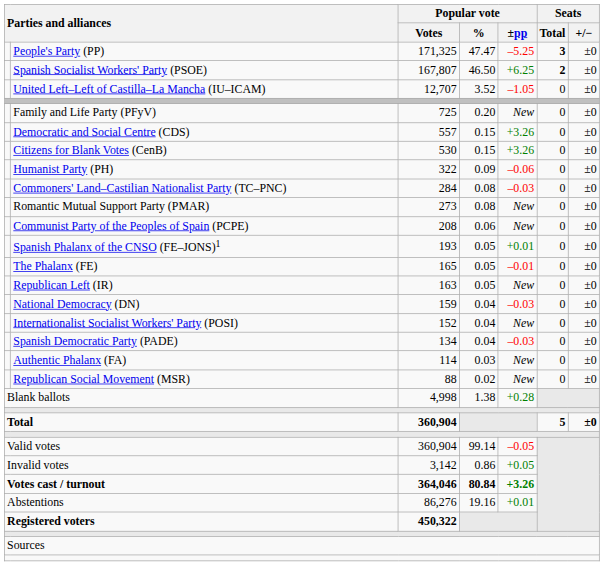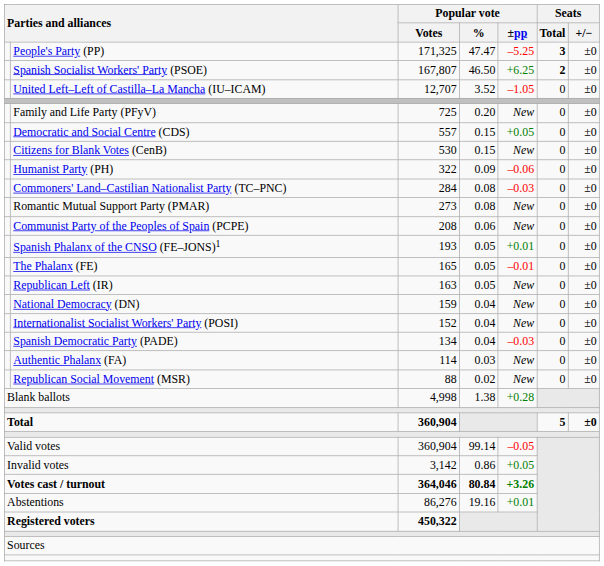 <table class="wikitable" style="text-align:right;">
 <tr>
 <th style="text-align:left;" rowspan="2" colspan="2" width="525">Parties and alliances</th>
 <th colspan="3">Popular vote</th>
 <th colspan="2">Seats</th>
 </tr>
 <tr>
 <th width="75">Votes</th>
 <th width="45">%</th>
 <th width="45">±<a href='#'>pp</a></th>
 <th width="35">Total</th>
 <th width="35">+/−</th>
 </tr>
 <tr>
 <td width="1" style="color:inherit;background:"></td>
 <td align="left"><a href='#'>People's Party</a> (PP)</td>
 <td>171,325</td>
 <td>47.47</td>
 <td style="color:red;">–5.25</td>
 <td><strong>3</strong></td>
 <td>±0</td>
 </tr>
 <tr>
 <td style="color:inherit;background:"></td>
 <td align="left"><a href='#'>Spanish Socialist Workers' Party</a> (PSOE)</td>
 <td>167,807</td>
 <td>46.50</td>
 <td style="color:green;">+6.25</td>
 <td><strong>2</strong></td>
 <td>±0</td>
 </tr>
 <tr>
 <td style="color:inherit;background:"></td>
 <td align="left"><a href='#'>United Left–Left of Castilla–La Mancha</a> (IU–ICAM)</td>
 <td>12,707</td>
 <td>3.52</td>
 <td style="color:red;">–1.05</td>
 <td>0</td>
 <td>±0</td>
 </tr>
 <tr>
 <td colspan="7" bgcolor="#C0C0C0"></td>
 </tr>
 <tr>
 <td style="color:inherit;background:"></td>
 <td align="left">Family and Life Party (PFyV)</td>
 <td>725</td>
 <td>0.20</td>
 <td><em>New</em></td>
 <td>0</td>
 <td>±0</td>
 </tr>
 <tr>
 <td style="color:inherit;background:"></td>
 <td align="left"><a href='#'>Democratic and Social Centre</a> (CDS)</td>
 <td>557</td>
 <td>0.15</td>
-<td style="color:green;">+3.26</td>
+<td style="color:green;">+0.05</td>
 <td>0</td>
 <td>±0</td>
 </tr>
 <tr>
 <td style="color:inherit;background:"></td>
 <td align="left"><a href='#'>Citizens for Blank Votes</a> (CenB)</td>
 <td>530</td>
 <td>0.15</td>
-<td style="color:green;">+3.26</td>
+<td><em>New</em></td>
 <td>0</td>
 <td>±0</td>
 </tr>
 <tr>
 <td style="color:inherit;background:"></td>
 <td align="left"><a href='#'>Humanist Party</a> (PH)</td>
 <td>322</td>
 <td>0.09</td>
 <td style="color:red;">–0.06</td>
 <td>0</td>
 <td>±0</td>
 </tr>
 <tr>
 <td style="color:inherit;background:"></td>
 <td align="left"><a href='#'>Commoners' Land–Castilian Nationalist Party</a> (TC–PNC)</td>
 <td>284</td>
 <td>0.08</td>
 <td style="color:red;">–0.03</td>
 <td>0</td>
 <td>±0</td>
 </tr>
 <tr>
 <td style="color:inherit;background:"></td>
 <td align="left">Romantic Mutual Support Party (PMAR)</td>
 <td>273</td>
 <td>0.08</td>
 <td><em>New</em></td>
 <td>0</td>
 <td>±0</td>
 </tr>
 <tr>
 <td style="color:inherit;background:"></td>
 <td align="left"><a href='#'>Communist Party of the Peoples of Spain</a> (PCPE)</td>
 <td>208</td>
 <td>0.06</td>
 <td><em>New</em></td>
 <td>0</td>
 <td>±0</td>
 </tr>
 <tr>
 <td style="color:inherit;background:"></td>
 <td align="left"><a href='#'>Spanish Phalanx of the CNSO</a> (FE–JONS)<sup>1</sup></td>
 <td>193</td>
 <td>0.05</td>
 <td style="color:green;">+0.01</td>
 <td>0</td>
 <td>±0</td>
 </tr>
 <tr>
 <td style="color:inherit;background:"></td>
 <td align="left"><a href='#'>The Phalanx</a> (FE)</td>
 <td>165</td>
 <td>0.05</td>
 <td style="color:red;">–0.01</td>
 <td>0</td>
 <td>±0</td>
 </tr>
 <tr>
 <td style="color:inherit;background:"></td>
 <td align="left"><a href='#'>Republican Left</a> (IR)</td>
 <td>163</td>
 <td>0.05</td>
 <td><em>New</em></td>
 <td>0</td>
 <td>±0</td>
 </tr>
 <tr>
 <td style="color:inherit;background:"></td>
 <td align="left"><a href='#'>National Democracy</a> (DN)</td>
 <td>159</td>
 <td>0.04</td>
-<td style="color:red;">–0.03</td>
+<td><em>New</em></td>
 <td>0</td>
 <td>±0</td>
 </tr>
 <tr>
 <td style="color:inherit;background:"></td>
 <td align="left"><a href='#'>Internationalist Socialist Workers' Party</a> (POSI)</td>
 <td>152</td>
 <td>0.04</td>
 <td><em>New</em></td>
 <td>0</td>
 <td>±0</td>
 </tr>
 <tr>
 <td style="color:inherit;background:"></td>
 <td align="left"><a href='#'>Spanish Democratic Party</a> (PADE)</td>
 <td>134</td>
 <td>0.04</td>
 <td style="color:red;">–0.03</td>
 <td>0</td>
 <td>±0</td>
 </tr>
 <tr>
 <td style="color:inherit;background:"></td>
 <td align="left"><a href='#'>Authentic Phalanx</a> (FA)</td>
 <td>114</td>
 <td>0.03</td>
 <td><em>New</em></td>
 <td>0</td>
 <td>±0</td>
 </tr>
 <tr>
 <td style="color:inherit;background:"></td>
 <td align="left"><a href='#'>Republican Social Movement</a> (MSR)</td>
 <td>88</td>
 <td>0.02</td>
 <td><em>New</em></td>
 <td>0</td>
 <td>±0</td>
 </tr>
 <tr>
 <td align="left" colspan="2">Blank ballots</td>
 <td>4,998</td>
 <td>1.38</td>
 <td style="color:green;">+0.28</td>
 <td bgcolor="#E9E9E9" colspan="2"></td>
 </tr>
 <tr>
 <td colspan="7" bgcolor="#E9E9E9"></td>
 </tr>
 <tr style="font-weight:bold;">
 <td align="left" colspan="2">Total</td>
 <td>360,904</td>
 <td bgcolor="#E9E9E9" colspan="2"></td>
 <td>5</td>
 <td>±0</td>
 </tr>
 <tr>
 <td colspan="7" bgcolor="#E9E9E9"></td>
 </tr>
 <tr>
 <td align="left" colspan="2">Valid votes</td>
 <td>360,904</td>
 <td>99.14</td>
 <td style="color:red;">–0.05</td>
 <td bgcolor="#E9E9E9" colspan="2" rowspan="5"></td>
 </tr>
 <tr>
 <td align="left" colspan="2">Invalid votes</td>
 <td>3,142</td>
 <td>0.86</td>
 <td style="color:green;">+0.05</td>
 </tr>
 <tr style="font-weight:bold;">
 <td align="left" colspan="2">Votes cast / turnout</td>
 <td>364,046</td>
 <td>80.84</td>
 <td style="color:green;">+3.26</td>
 </tr>
 <tr>
 <td align="left" colspan="2">Abstentions</td>
 <td>86,276</td>
 <td>19.16</td>
 <td style="color:green;">+0.01</td>
 </tr>
 <tr style="font-weight:bold;">
 <td align="left" colspan="2">Registered voters</td>
 <td>450,322</td>
 <td bgcolor="#E9E9E9" colspan="2"></td>
 </tr>
 <tr>
 <td colspan="7" bgcolor="#E9E9E9"></td>
 </tr>
 <tr>
 <td align="left" colspan="7">Sources</td>
 </tr>
 <tr>
 <td colspan="7" style="text-align:left; max-width:790px;"></td>
 </tr>
 </table>
